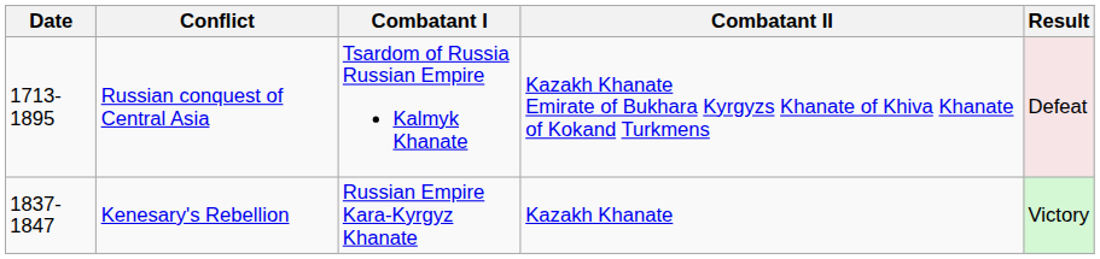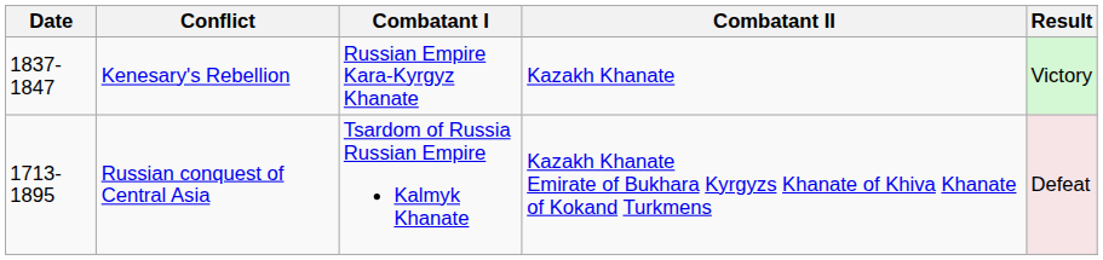 <table class="wikitable">
 <tr>
 <th>Date</th>
 <th>Conflict</th>
 <th>Combatant I</th>
 <th>Combatant II</th>
 <th>Result</th>
 </tr>
 <tr>
+<td>1837-1847</td>
+<td><a href='#'>Kenesary's Rebellion</a></td>
+<td><a href='#'>Russian Empire</a><br><a href='#'>Kara-Kyrgyz Khanate</a></td>
+<td><a href='#'>Kazakh Khanate</a></td>
+<td style="background:#D4F7D4">Victory</td>
+</tr>
+<tr>
 <td>1713-1895</td>
 <td><a href='#'>Russian conquest of Central Asia</a></td>
 <td><a href='#'>Tsardom of Russia</a><br><a href='#'>Russian Empire</a><ul><li><a href='#'>Kalmyk Khanate</a></li></ul></td>
 <td><a href='#'>Kazakh Khanate</a><br><a href='#'>Emirate of Bukhara</a> <a href='#'>Kyrgyzs</a> <a href='#'>Khanate of Khiva</a> <a href='#'>Khanate of Kokand</a> <a href='#'>Turkmens</a></td>
 <td style="background:#F6E4E7">Defeat</td>
 </tr>
-<tr>
-<td>1837-1847</td>
-<td><a href='#'>Kenesary's Rebellion</a></td>
-<td><a href='#'>Russian Empire</a><br><a href='#'>Kara-Kyrgyz Khanate</a></td>
-<td><a href='#'>Kazakh Khanate</a></td>
-<td style="background:#D4F7D4">Victory</td>
-</tr>
 </table>
